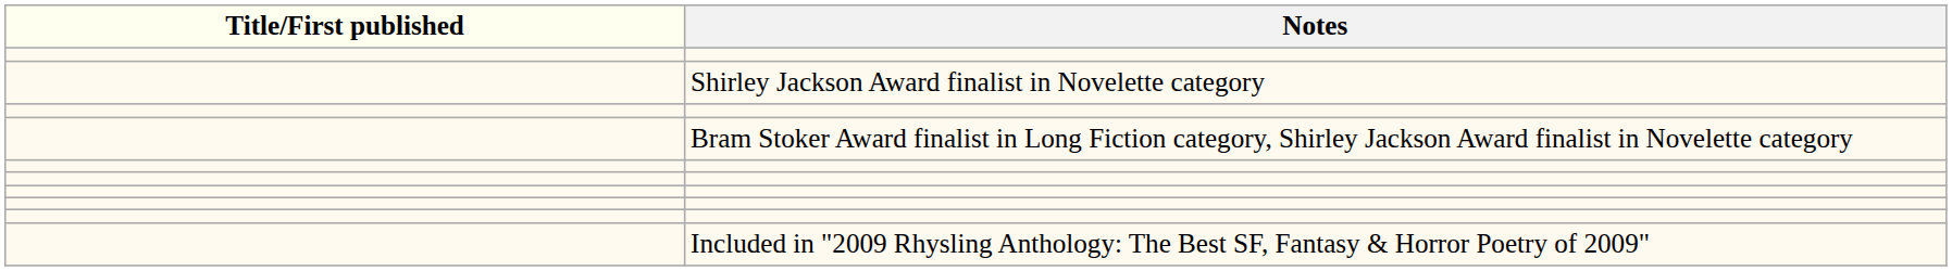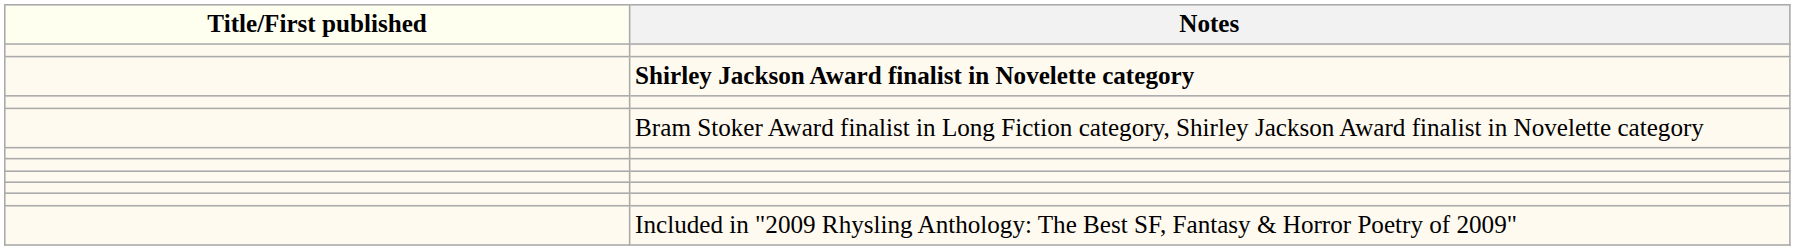 <table class=wikitable style="background:FloralWhite" width="90%">
 <tr>
 <th style="background:ivory; width:35%;">Title/First published</th>
 <th>Notes</th>
 </tr>
 <tr>
 <td></td>
 <td></td>
 </tr>
 <tr>
 <td></td>
-<td>Shirley Jackson Award finalist in Novelette category</td>
+<td><strong>Shirley Jackson Award finalist in Novelette category</strong></td>
 </tr>
 <tr>
 <td></td>
 <td></td>
 </tr>
 <tr>
 <td></td>
 <td>Bram Stoker Award finalist in Long Fiction category, Shirley Jackson Award finalist in Novelette category</td>
 </tr>
 <tr>
 <td></td>
 <td></td>
 </tr>
 <tr>
 <td></td>
 <td></td>
 </tr>
 <tr>
 <td></td>
 <td></td>
 </tr>
 <tr>
 <td></td>
 <td></td>
 </tr>
 <tr>
 <td></td>
 <td></td>
 </tr>
 <tr>
 <td></td>
 <td>Included in "2009 Rhysling Anthology: The Best SF, Fantasy & Horror Poetry of 2009"</td>
 </tr>
 </table>
